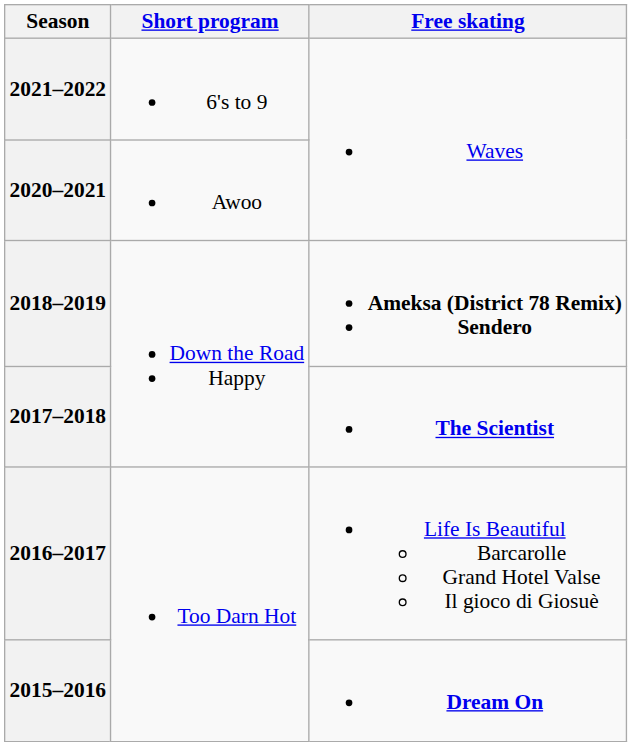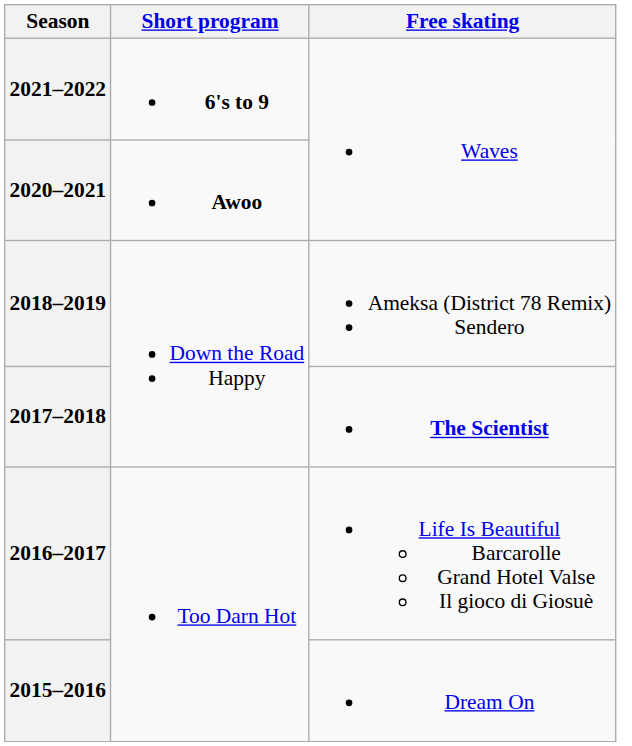 <table class=wikitable style=text-align:center>
 <tr>
 <th>Season</th>
 <th><a href='#'>Short program</a></th>
 <th><a href='#'>Free skating</a></th>
 </tr>
 <tr>
 <th>2021–2022 <br> </th>
-<td><br><ul><li>6's to 9 <br></li></ul></td>
+<td><strong><br><ul><li>6's to 9 <br></li></ul></strong></td>
 <td rowspan=2><br><ul><li><a href='#'>Waves</a><br></li></ul></td>
 </tr>
 <tr>
 <th>2020–2021 <br> </th>
-<td><br><ul><li>Awoo <br></li></ul></td>
+<td><strong><br><ul><li>Awoo <br></li></ul></strong></td>
 </tr>
 <tr>
 <th>2018–2019 <br> </th>
 <td rowspan=2><br><ul><li><a href='#'>Down the Road</a> <br></li><li>Happy <br></li></ul></td>
-<td><strong><br><ul><li>Ameksa (District 78 Remix) <br></li><li>Sendero <br></li></ul></strong></td>
+<td><br><ul><li>Ameksa (District 78 Remix) <br></li><li>Sendero <br></li></ul></td>
 </tr>
 <tr>
 <th>2017–2018 <br> </th>
 <td><strong><br><ul><li><a href='#'>The Scientist</a> <br></li></ul></strong></td>
 </tr>
 <tr>
 <th>2016–2017 <br> </th>
 <td rowspan=2><br><ul><li><a href='#'>Too Darn Hot</a> <br></li></ul></td>
 <td><br><ul><li><a href='#'>Life Is Beautiful</a> <br><ul><li>Barcarolle</li><li>Grand Hotel Valse</li><li>Il gioco di Giosuè <br></li></ul></li></ul></td>
 </tr>
 <tr>
 <th>2015–2016 <br> </th>
-<td><strong><br><ul><li><a href='#'>Dream On</a> <br></li></ul></strong></td>
+<td><br><ul><li><a href='#'>Dream On</a> <br></li></ul></td>
 </tr>
 </table>
